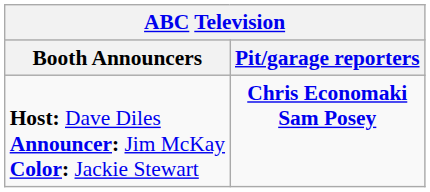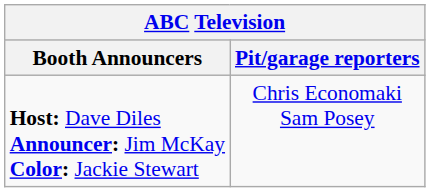 <table class="wikitable" style="font-size: 95%;">
 <tr>
 <th colspan=2><a href='#'>ABC</a> <a href='#'>Television</a></th>
 </tr>
 <tr>
 <th>Booth Announcers</th>
 <th><a href='#'>Pit/garage reporters</a></th>
 </tr>
 <tr>
 <td valign="top"><br><strong>Host:</strong> <a href='#'>Dave Diles</a><br> <strong><a href='#'>Announcer</a>:</strong> <a href='#'>Jim McKay</a><br> <strong><a href='#'>Color</a>:</strong> <a href='#'>Jackie Stewart</a><br></td>
-<td align="center" valign="top"><strong><a href='#'>Chris Economaki</a><br><a href='#'>Sam Posey</a><br></strong></td>
+<td align="center" valign="top"><a href='#'>Chris Economaki</a><br><a href='#'>Sam Posey</a><br></td>
 </tr>
 </table>
